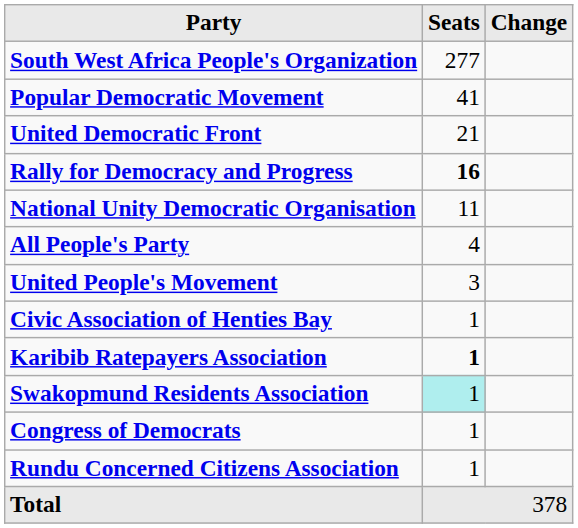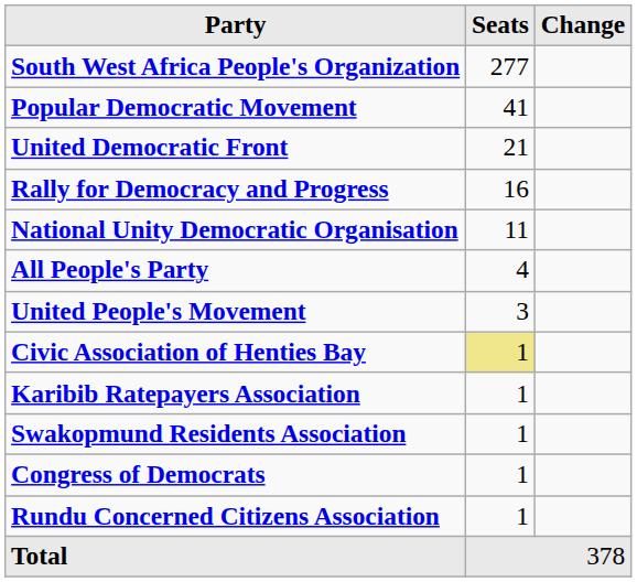 <table class="wikitable">
 <tr>
 <th style="background-color:#E9E9E9">Party</th>
 <th style="background-color:#E9E9E9">Seats</th>
 <th style="background-color:#E9E9E9">Change</th>
 </tr>
 <tr>
 <td><strong><a href='#'>South West Africa People's Organization</a></strong></td>
 <td align="right">277</td>
 <td></td>
 </tr>
 <tr>
 <td><strong><a href='#'>Popular Democratic Movement</a></strong></td>
 <td align="right">41</td>
 <td></td>
 </tr>
 <tr>
 <td><strong><a href='#'>United Democratic Front</a></strong></td>
 <td align="right">21</td>
 <td></td>
 </tr>
 <tr>
 <td><strong><a href='#'>Rally for Democracy and Progress</a></strong></td>
-<td align="right"><strong>16</strong></td>
+<td align="right">16</td>
 <td></td>
 </tr>
 <tr>
 <td><strong><a href='#'>National Unity Democratic Organisation</a></strong></td>
 <td align="right">11</td>
 <td></td>
 </tr>
 <tr>
 <td><strong><a href='#'>All People's Party</a></strong></td>
 <td align="right">4</td>
 <td></td>
 </tr>
 <tr>
 <td><strong><a href='#'>United People's Movement</a></strong></td>
 <td align="right">3</td>
 <td></td>
 </tr>
 <tr>
 <td><strong><a href='#'>Civic Association of Henties Bay</a></strong></td>
+<td align="right" style="background: khaki;">1</td>
+<td></td>
+</tr>
+<tr>
+<td><strong><a href='#'>Karibib Ratepayers Association</a></strong></td>
 <td align="right">1</td>
 <td></td>
 </tr>
 <tr>
-<td><strong><a href='#'>Karibib Ratepayers Association</a></strong></td>
-<td align="right"><strong>1</strong></td>
-<td></td>
-</tr>
-<tr>
 <td><strong><a href='#'>Swakopmund Residents Association</a></strong></td>
-<td align="right" style="background: paleturquoise;">1</td>
+<td align="right">1</td>
 <td></td>
 </tr>
 <tr>
 <td><strong><a href='#'>Congress of Democrats</a></strong></td>
 <td align="right">1</td>
 <td></td>
 </tr>
 <tr>
 <td><strong><a href='#'>Rundu Concerned Citizens Association</a></strong></td>
 <td align="right">1</td>
 <td></td>
 </tr>
 <tr>
 <td style="background-color:#E9E9E9"><strong>Total</strong></td>
 <td align="right" style="background-color:#E9E9E9" colspan="2">378</td>
 </tr>
 </table>
